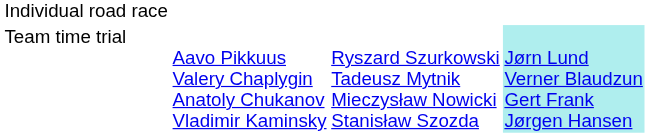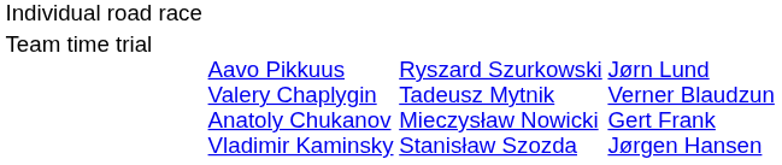 <table>
 <tr>
 <td>Individual road race<br></td>
 <td></td>
 <td></td>
 <td></td>
 </tr>
 <tr valign="top">
 <td>Team time trial<br></td>
 <td><br><a href='#'>Aavo Pikkuus</a><br><a href='#'>Valery Chaplygin</a><br><a href='#'>Anatoly Chukanov</a><br><a href='#'>Vladimir Kaminsky</a></td>
 <td><br><a href='#'>Ryszard Szurkowski</a><br><a href='#'>Tadeusz Mytnik</a><br><a href='#'>Mieczysław Nowicki</a><br><a href='#'>Stanisław Szozda</a></td>
-<td style="background: paleturquoise;"><br><a href='#'>Jørn Lund</a><br><a href='#'>Verner Blaudzun</a><br><a href='#'>Gert Frank</a><br><a href='#'>Jørgen Hansen</a></td>
+<td><br><a href='#'>Jørn Lund</a><br><a href='#'>Verner Blaudzun</a><br><a href='#'>Gert Frank</a><br><a href='#'>Jørgen Hansen</a></td>
 </tr>
 </table>
